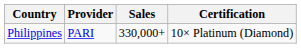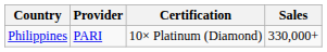 <table class="wikitable">
 <tr>
 <th>Country</th>
 <th>Provider</th>
+<th>Certification</th>
 <th>Sales</th>
-<th>Certification</th>
 </tr>
 <tr>
 <td><a href='#'>Philippines</a></td>
 <td><a href='#'>PARI</a></td>
+<td>10× Platinum (Diamond)</td>
 <td>330,000+</td>
-<td>10× Platinum (Diamond)</td>
 </tr>
 </table>
